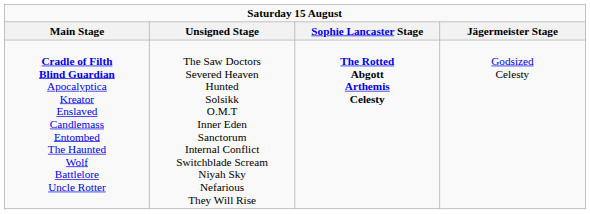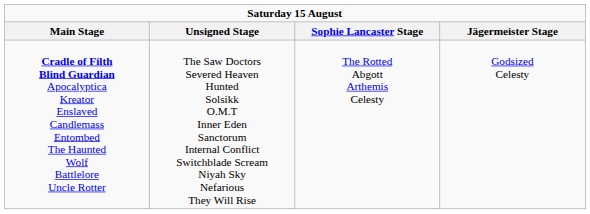 <table class="wikitable">
 <tr>
 <td colspan="4" align="center"><strong>Saturday 15 August</strong></td>
 </tr>
 <tr>
 <th>Main Stage</th>
 <th>Unsigned Stage</th>
 <th><a href='#'>Sophie Lancaster</a> Stage</th>
 <th>Jägermeister Stage</th>
 </tr>
 <tr>
 <td valign="top" align="center" width=200><br><strong><a href='#'>Cradle of Filth</a></strong><br> <strong><a href='#'>Blind Guardian</a></strong><br> <a href='#'>Apocalyptica</a><br> <a href='#'>Kreator</a><br> <a href='#'>Enslaved</a><br> <a href='#'>Candlemass</a><br> <a href='#'>Entombed</a><br> <a href='#'>The Haunted</a><br> <a href='#'>Wolf</a><br> <a href='#'>Battlelore</a><br> <a href='#'>Uncle Rotter</a><br></td>
 <td valign="top" align="center" width=200><br>The Saw Doctors<br> Severed Heaven<br> Hunted<br> Solsikk<br> O.M.T<br> Inner Eden<br> Sanctorum<br> Internal Conflict<br> Switchblade Scream<br> Niyah Sky<br> Nefarious<br> They Will Rise<br></td>
-<td valign="top" align="center" width=200><strong><br><a href='#'>The Rotted</a><br> Abgott<br> <a href='#'>Arthemis</a><br> Celesty<br></strong></td>
+<td valign="top" align="center" width=200><br><a href='#'>The Rotted</a><br> Abgott<br> <a href='#'>Arthemis</a><br> Celesty<br></td>
 <td valign="top" align="center" width=200><br><a href='#'>Godsized</a><br> Celesty</td>
 </tr>
 </table>
